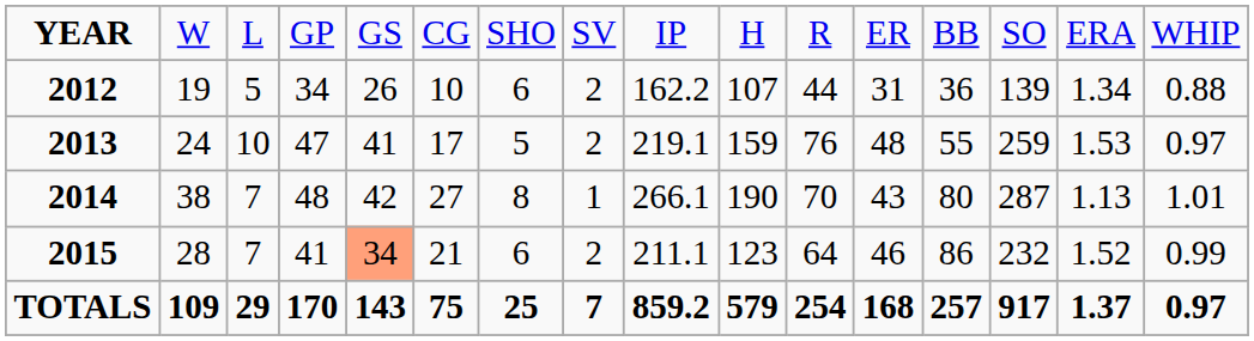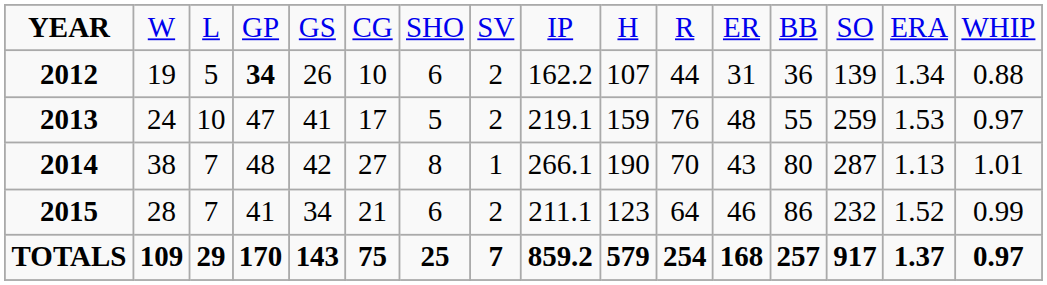 <table class="wikitable">
 <tr align=center>
 <td><strong>YEAR</strong></td>
 <td><a href='#'>W</a></td>
 <td><a href='#'>L</a></td>
 <td><a href='#'>GP</a></td>
 <td><a href='#'>GS</a></td>
 <td><a href='#'>CG</a></td>
 <td><a href='#'>SHO</a></td>
 <td><a href='#'>SV</a></td>
 <td><a href='#'>IP</a></td>
 <td><a href='#'>H</a></td>
 <td><a href='#'>R</a></td>
 <td><a href='#'>ER</a></td>
 <td><a href='#'>BB</a></td>
 <td><a href='#'>SO</a></td>
 <td><a href='#'>ERA</a></td>
 <td><a href='#'>WHIP</a></td>
 </tr>
 <tr align=center>
 <td><strong>2012</strong></td>
 <td>19</td>
 <td>5</td>
-<td>34</td>
+<td><strong>34</strong></td>
 <td>26</td>
 <td>10</td>
 <td>6</td>
 <td>2</td>
 <td>162.2</td>
 <td>107</td>
 <td>44</td>
 <td>31</td>
 <td>36</td>
 <td>139</td>
 <td>1.34</td>
 <td>0.88</td>
 </tr>
 <tr align=center>
 <td><strong>2013</strong></td>
 <td>24</td>
 <td>10</td>
 <td>47</td>
 <td>41</td>
 <td>17</td>
 <td>5</td>
 <td>2</td>
 <td>219.1</td>
 <td>159</td>
 <td>76</td>
 <td>48</td>
 <td>55</td>
 <td>259</td>
 <td>1.53</td>
 <td>0.97</td>
 </tr>
 <tr align=center>
 <td><strong>2014</strong></td>
 <td>38</td>
 <td>7</td>
 <td>48</td>
 <td>42</td>
 <td>27</td>
 <td>8</td>
 <td>1</td>
 <td>266.1</td>
 <td>190</td>
 <td>70</td>
 <td>43</td>
 <td>80</td>
 <td>287</td>
 <td>1.13</td>
 <td>1.01</td>
 </tr>
 <tr align=center>
 <td><strong>2015</strong></td>
 <td>28</td>
 <td>7</td>
 <td>41</td>
-<td style="background: lightsalmon;">34</td>
+<td>34</td>
 <td>21</td>
 <td>6</td>
 <td>2</td>
 <td>211.1</td>
 <td>123</td>
 <td>64</td>
 <td>46</td>
 <td>86</td>
 <td>232</td>
 <td>1.52</td>
 <td>0.99</td>
 </tr>
 <tr align=center>
 <td><strong>TOTALS</strong></td>
 <td><strong>109</strong></td>
 <td><strong>29</strong></td>
 <td><strong>170</strong></td>
 <td><strong>143</strong></td>
 <td><strong>75</strong></td>
 <td><strong>25</strong></td>
 <td><strong>7</strong></td>
 <td><strong>859.2</strong></td>
 <td><strong>579</strong></td>
 <td><strong>254</strong></td>
 <td><strong>168</strong></td>
 <td><strong>257</strong></td>
 <td><strong>917</strong></td>
 <td><strong>1.37</strong></td>
 <td><strong>0.97</strong></td>
 </tr>
 </table>
